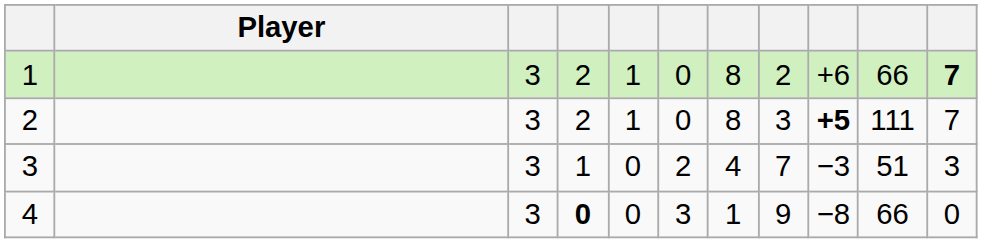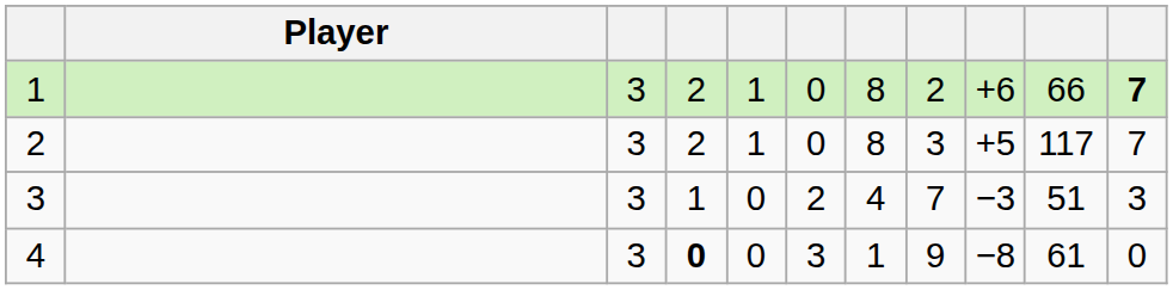 <table class="wikitable" style="text-align:center; margin: 1em auto 1em auto, align:left">
 <tr>
 <th width=20></th>
 <th width=240>Player</th>
 <th width=20></th>
 <th width=20></th>
 <th width=20></th>
 <th width=20></th>
 <th width=20></th>
 <th width=20></th>
 <th width=20></th>
 <th width=30></th>
 <th width=20></th>
 </tr>
 <tr style="background:#D0F0C0;">
 <td>1</td>
 <td align=left></td>
 <td>3</td>
 <td>2</td>
 <td>1</td>
 <td>0</td>
 <td>8</td>
 <td>2</td>
 <td>+6</td>
 <td>66</td>
 <td><strong>7</strong></td>
 </tr>
 <tr style=>
 <td>2</td>
 <td align=left></td>
 <td>3</td>
 <td>2</td>
 <td>1</td>
 <td>0</td>
 <td>8</td>
 <td>3</td>
-<td><strong>+5</strong></td>
-<td>111</td>
+<td>+5</td>
+<td>117</td>
 <td>7</td>
 </tr>
 <tr style=>
 <td>3</td>
 <td align=left></td>
 <td>3</td>
 <td>1</td>
 <td>0</td>
 <td>2</td>
 <td>4</td>
 <td>7</td>
 <td>−3</td>
 <td>51</td>
 <td>3</td>
 </tr>
 <tr style=>
 <td>4</td>
 <td align=left></td>
 <td>3</td>
 <td><strong>0</strong></td>
 <td>0</td>
 <td>3</td>
 <td>1</td>
 <td>9</td>
 <td>−8</td>
-<td>66</td>
+<td>61</td>
 <td>0</td>
 </tr>
 </table>
